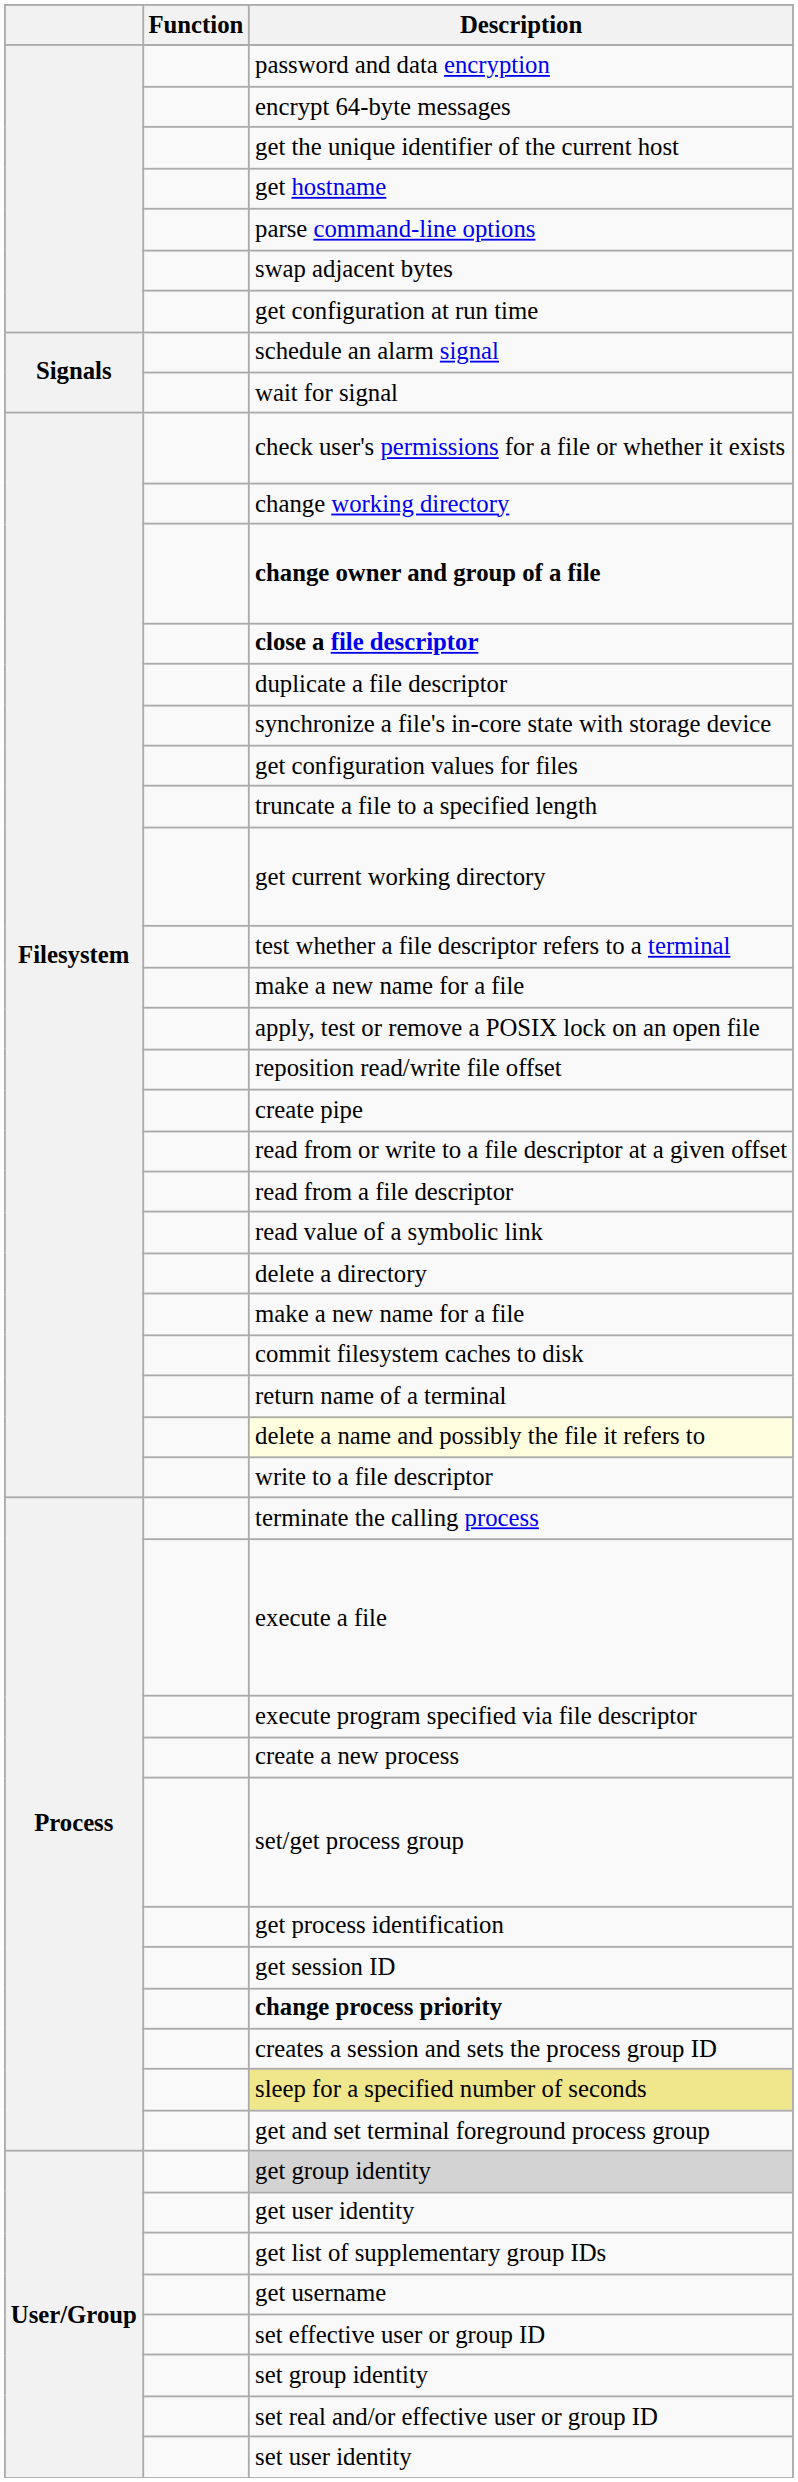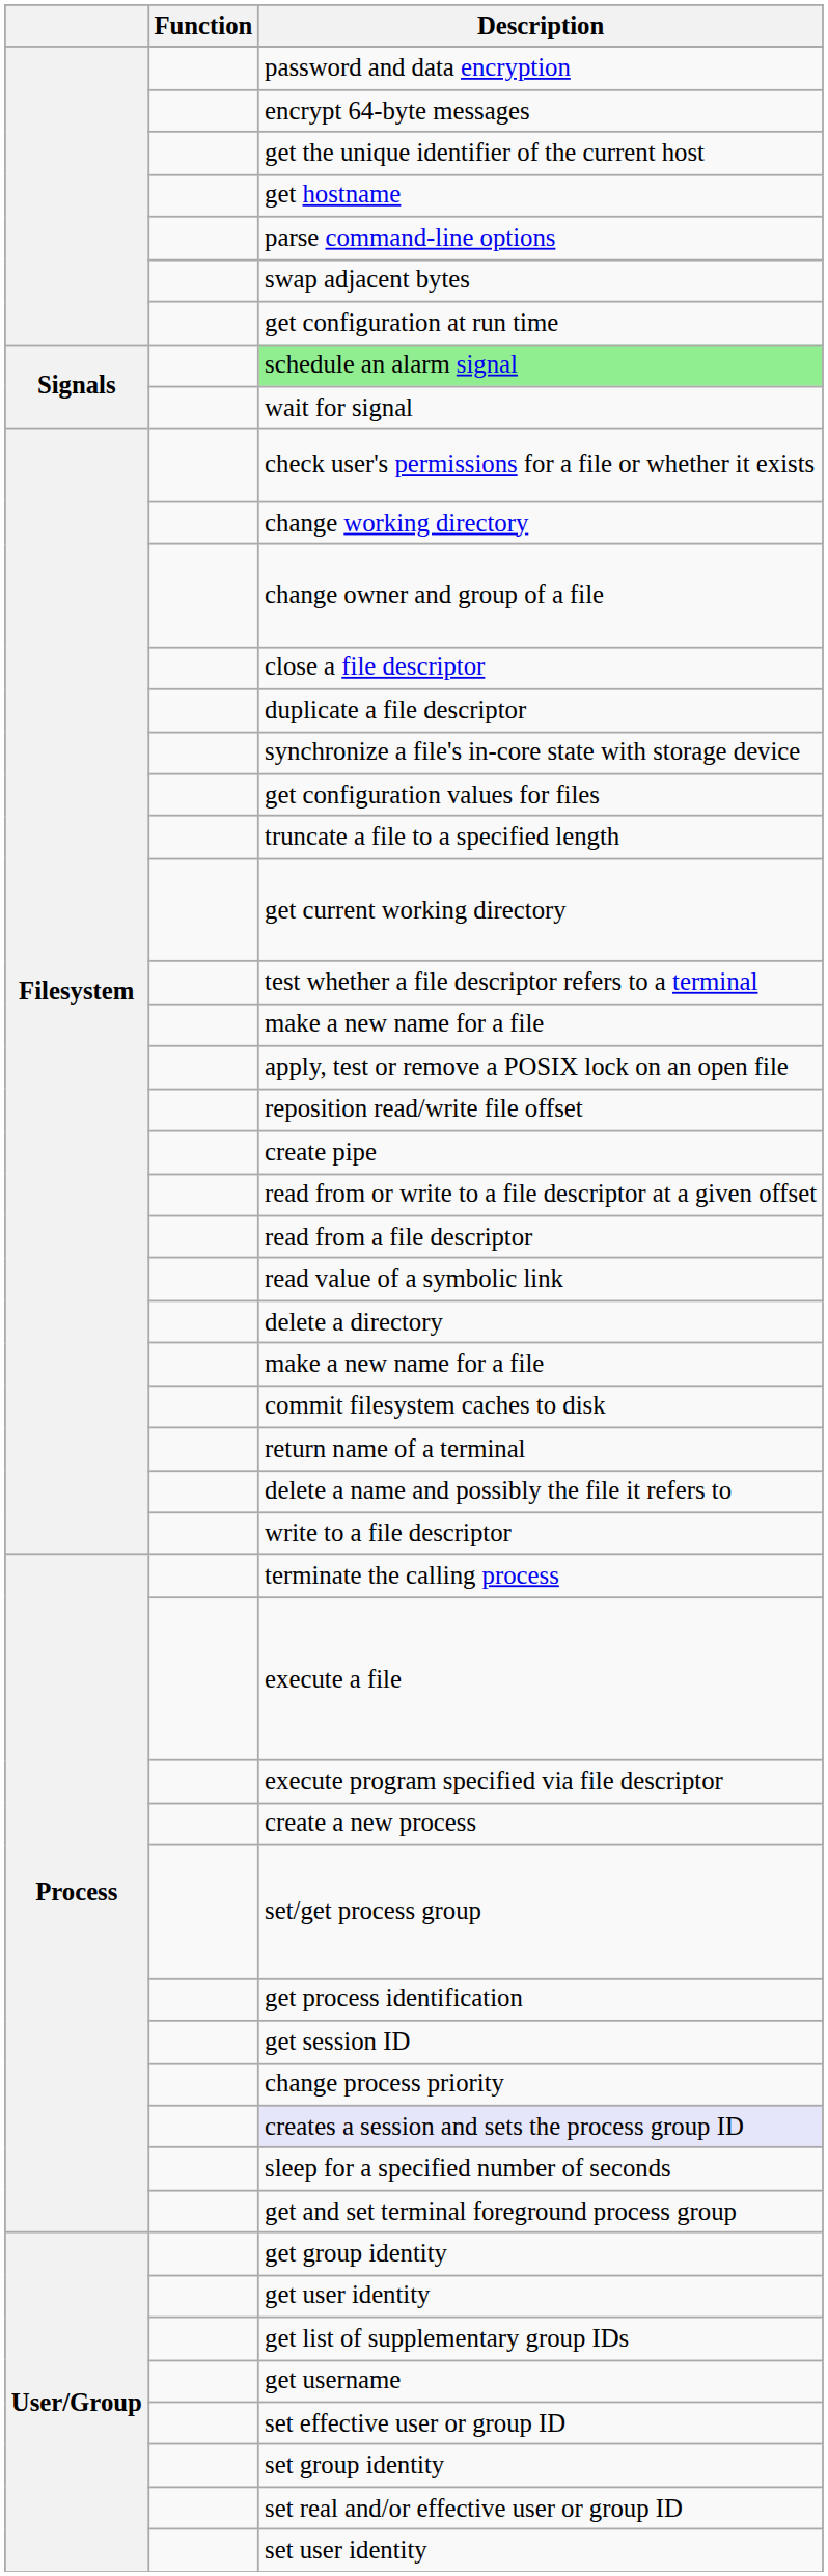 <table class="wikitable" style="font-size:0.85em">
 <tr>
 <th></th>
 <th>Function</th>
 <th>Description</th>
 </tr>
 <tr>
 <th rowspan=8></th>
 </tr>
 <tr>
 <td><code></code></td>
 <td>password and data <a href='#'>encryption</a></td>
 </tr>
 <tr>
 <td><code></code></td>
 <td>encrypt 64-byte messages</td>
 </tr>
 <tr>
 <td><code></code></td>
 <td>get the unique identifier of the current host</td>
 </tr>
 <tr>
 <td><code></code></td>
 <td>get <a href='#'>hostname</a></td>
 </tr>
 <tr>
 <td><code></code></td>
 <td>parse <a href='#'> command-line options</a></td>
 </tr>
 <tr>
 <td><code></code></td>
 <td>swap adjacent bytes</td>
 </tr>
 <tr>
 <td><code></code></td>
 <td>get configuration at run time</td>
 </tr>
 <tr>
 <th rowspan=2>Signals</th>
 <td><code></code></td>
-<td>schedule an alarm <a href='#'> signal</a></td>
+<td style="background: lightgreen;">schedule an alarm <a href='#'> signal</a></td>
 </tr>
 <tr>
 <td><code></code></td>
 <td>wait for signal</td>
 </tr>
 <tr>
 <th rowspan=23>Filesystem</th>
 <td><code></code><br><code></code><br><code></code></td>
 <td>check user's <a href='#'> permissions</a> for a file or whether it exists</td>
 </tr>
 <tr>
 <td><code></code><br><code></code></td>
 <td>change <a href='#'>working directory</a></td>
 </tr>
 <tr>
 <td><code></code><br><code></code><br><code></code><br><code></code></td>
-<td><strong>change owner and group of a file</strong></td>
+<td>change owner and group of a file</td>
 </tr>
 <tr>
 <td><code></code></td>
-<td><strong>close a <a href='#'>file descriptor</a></strong></td>
+<td>close a <a href='#'>file descriptor</a></td>
 </tr>
 <tr>
 <td><code></code><br><code></code></td>
 <td>duplicate a file descriptor</td>
 </tr>
 <tr>
 <td><code></code><br><code></code></td>
 <td>synchronize a file's in-core state with storage device</td>
 </tr>
 <tr>
 <td><code></code><br><code></code></td>
 <td>get configuration values for files</td>
 </tr>
 <tr>
 <td><code></code><br><code></code></td>
 <td>truncate a file to a specified length</td>
 </tr>
 <tr>
 <td><code></code><br><code></code><br><code></code><br></td>
 <td>get current working directory</td>
 </tr>
 <tr>
 <td><code></code></td>
 <td>test whether a file descriptor refers to a <a href='#'> terminal</a></td>
 </tr>
 <tr>
 <td><code></code><br><code></code></td>
 <td>make a new name for a file</td>
 </tr>
 <tr>
 <td><code></code></td>
 <td>apply, test or remove a POSIX lock on an open file</td>
 </tr>
 <tr>
 <td><code></code></td>
 <td>reposition read/write file offset</td>
 </tr>
 <tr>
 <td><code></code><br><code></code></td>
 <td>create pipe</td>
 </tr>
 <tr>
 <td><code></code><br><code></code></td>
 <td>read from or write to a file descriptor at a given offset</td>
 </tr>
 <tr>
 <td><code></code></td>
 <td>read from a file descriptor</td>
 </tr>
 <tr>
 <td><code></code><br><code></code></td>
 <td>read value of a symbolic link</td>
 </tr>
 <tr>
 <td><code></code></td>
 <td>delete a directory</td>
 </tr>
 <tr>
 <td><code></code><br><code></code></td>
 <td>make a new name for a file</td>
 </tr>
 <tr>
 <td><code></code><br><code></code></td>
 <td>commit filesystem caches to disk</td>
 </tr>
 <tr>
 <td><code></code><br><code></code></td>
 <td>return name of a terminal</td>
 </tr>
 <tr>
 <td><code></code><br><code></code></td>
-<td style="background: lightyellow;">delete a name and possibly the file it refers to</td>
+<td>delete a name and possibly the file it refers to</td>
 </tr>
 <tr>
 <td><code></code></td>
 <td>write to a file descriptor</td>
 </tr>
 <tr>
 <th rowspan=11>Process</th>
 <td><code></code></td>
 <td>terminate the calling <a href='#'> process</a></td>
 </tr>
 <tr>
 <td><code></code><br><code></code><br><code></code><br><code></code><br><code></code><br><code></code></td>
 <td>execute a file</td>
 </tr>
 <tr>
 <td><code></code></td>
 <td>execute program specified via file descriptor</td>
 </tr>
 <tr>
 <td><code></code></td>
 <td>create a new process</td>
 </tr>
 <tr>
 <td><code></code><br><code></code><br><code></code><br><code></code><br></td>
 <td>set/get process group</td>
 </tr>
 <tr>
 <td><code></code><br><code></code></td>
 <td>get process identification</td>
 </tr>
 <tr>
 <td><code></code></td>
 <td>get session ID</td>
 </tr>
 <tr>
 <td><code></code></td>
-<td><strong>change process priority</strong></td>
+<td>change process priority</td>
 </tr>
 <tr>
 <td><code></code></td>
-<td>creates a session and sets the process group ID</td>
+<td style="background: lavender;">creates a session and sets the process group ID</td>
 </tr>
 <tr>
 <td><code></code></td>
-<td style="background: khaki;">sleep for a specified number of seconds</td>
+<td>sleep for a specified number of seconds</td>
 </tr>
 <tr>
 <td><code></code><br><code></code></td>
 <td>get and set terminal foreground process group</td>
 </tr>
 <tr>
 <th rowspan=8>User/Group</th>
 <td><code></code><br><code></code></td>
-<td style="background: lightgrey;">get group identity</td>
+<td>get group identity</td>
 </tr>
 <tr>
 <td><code></code><br><code></code></td>
 <td>get user identity</td>
 </tr>
 <tr>
 <td><code></code></td>
 <td>get list of supplementary group IDs</td>
 </tr>
 <tr>
 <td><code></code><br><code></code></td>
 <td>get username</td>
 </tr>
 <tr>
 <td><code></code><br><code></code></td>
 <td>set effective user or group ID</td>
 </tr>
 <tr>
 <td><code></code></td>
 <td>set group identity</td>
 </tr>
 <tr>
 <td><code></code><br><code></code></td>
 <td>set real and/or effective user or group ID</td>
 </tr>
 <tr>
 <td><code></code></td>
 <td>set user identity</td>
 </tr>
 <tr>
 </tr>
 </table>
